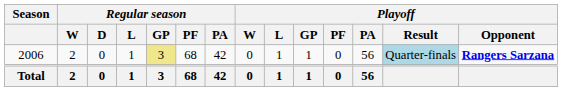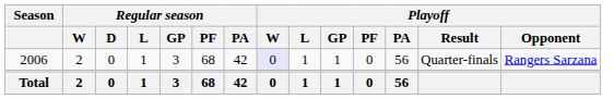 <table class="wikitable"  class="wikitable" style="text-align: center;" align=center style="font-size: 95%;">
 <tr>
 <th width=60>Season</th>
 <th colspan="6"><em>Regular season</em></th>
 <th colspan="7"><em>Playoff</em></th>
 </tr>
 <tr>
 <th> </th>
 <th width=30>W</th>
 <th width=30>D</th>
 <th width=30>L</th>
 <th width=30>GP</th>
 <th width=30>PF</th>
 <th width=30>PA</th>
 <th width=30>W</th>
 <th width=30>L</th>
 <th width=30>GP</th>
 <th width=30>PF</th>
 <th width=30>PA</th>
 <th>Result</th>
 <th>Opponent</th>
 </tr>
 <tr align=center>
 <td>2006</td>
 <td>2</td>
 <td>0</td>
 <td>1</td>
-<td style="background: khaki;">3</td>
+<td>3</td>
 <td>68</td>
 <td>42</td>
-<td>0</td>
+<td style="background: lavender;">0</td>
 <td>1</td>
 <td>1</td>
 <td>0</td>
 <td>56</td>
-<td style="background: lightblue;">Quarter-finals</td>
-<td><strong><a href='#'>Rangers Sarzana</a></strong></td>
+<td>Quarter-finals</td>
+<td><a href='#'>Rangers Sarzana</a></td>
 </tr>
 <tr style="border-top-style:double">
 <th>Total</th>
 <th>2</th>
 <th>0</th>
 <th>1</th>
 <th>3</th>
 <th>68</th>
 <th>42</th>
 <th>0</th>
 <th>1</th>
 <th>1</th>
 <th>0</th>
 <th>56</th>
 <th></th>
 <th></th>
 </tr>
 </table>
